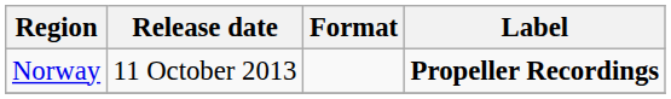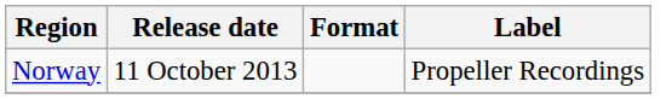 <table class="wikitable">
 <tr>
 <th>Region</th>
 <th>Release date</th>
 <th>Format</th>
 <th>Label</th>
 </tr>
 <tr>
 <td><a href='#'>Norway</a></td>
 <td>11 October 2013</td>
 <td></td>
-<td><strong>Propeller Recordings</strong></td>
+<td>Propeller Recordings</td>
 </tr>
 <tr>
 </tr>
 </table>
